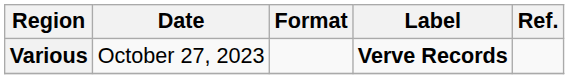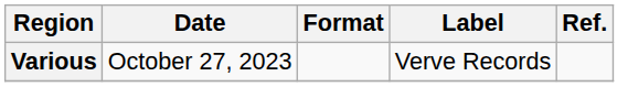 <table class="wikitable plainrowheaders">
 <tr>
 <th scope="col">Region</th>
 <th scope="col">Date</th>
 <th scope="col">Format</th>
 <th scope="col">Label</th>
 <th scope="col">Ref.</th>
 </tr>
 <tr>
 <th scope="row">Various</th>
 <td>October 27, 2023</td>
 <td></td>
-<td><strong>Verve Records</strong></td>
+<td>Verve Records</td>
 <td></td>
 </tr>
 <tr>
 </tr>
 </table>
